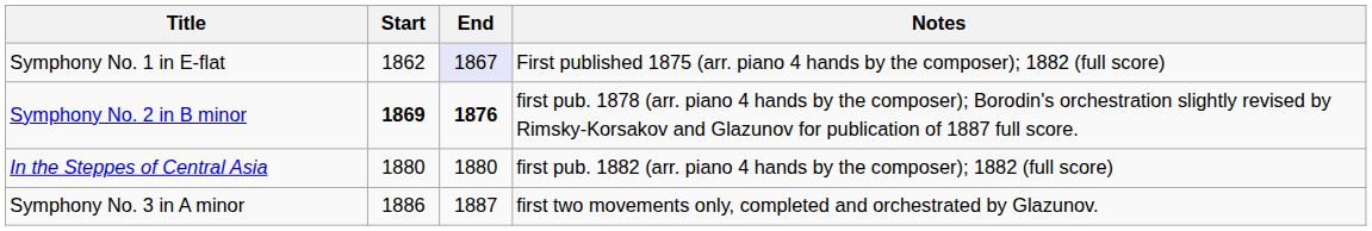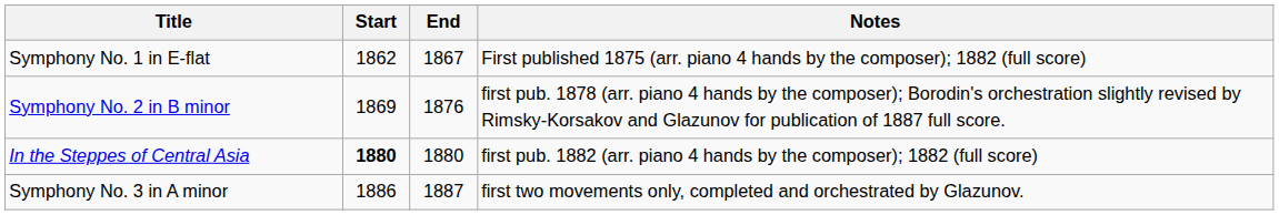 <table class="wikitable sortable" style="text-align: left; width:70em; line-height:1.5">
 <tr>
 </tr>
 <tr valign="top">
 <th style="width:25%;">Title</th>
 <th style="width:5%; text-align: center;">Start</th>
 <th style="width:5%; text-align: center;">End</th>
 <th class="unsortable" style="width:59%;">Notes</th>
 </tr>
 <tr>
 <td>Symphony No. 1 in E-flat</td>
 <td align=center>1862</td>
-<td align=center style="background: lavender;">1867</td>
+<td align=center>1867</td>
 <td>First published 1875 (arr. piano 4 hands by the composer); 1882 (full score)</td>
 </tr>
 <tr>
 <td><a href='#'>Symphony No. 2 in B minor</a></td>
-<td align=center><strong>1869</strong></td>
-<td align=center><strong>1876</strong></td>
+<td align=center>1869</td>
+<td align=center>1876</td>
 <td>first pub. 1878 (arr. piano 4 hands by the composer); Borodin's orchestration slightly revised by Rimsky-Korsakov and Glazunov for publication of 1887 full score.</td>
 </tr>
 <tr>
 <td><em><a href='#'>In the Steppes of Central Asia</a></em></td>
-<td align=center>1880</td>
+<td align=center><strong>1880</strong></td>
 <td align=center>1880</td>
 <td>first pub. 1882 (arr. piano 4 hands by the composer); 1882 (full score)</td>
 </tr>
 <tr>
 <td>Symphony No. 3 in A minor</td>
 <td align=center>1886</td>
 <td align=center>1887</td>
 <td>first two movements only, completed and orchestrated by Glazunov.</td>
 </tr>
 </table>
